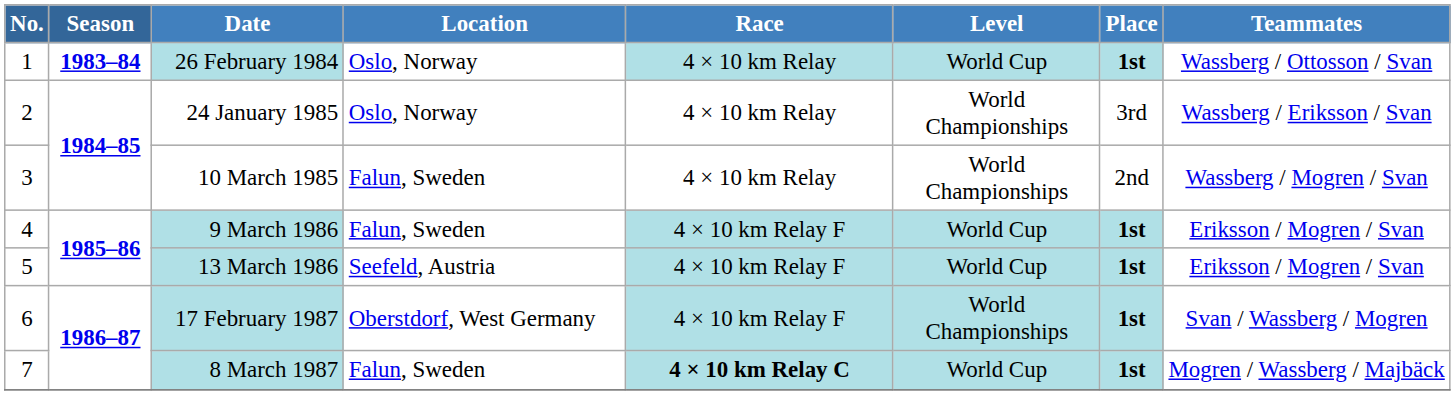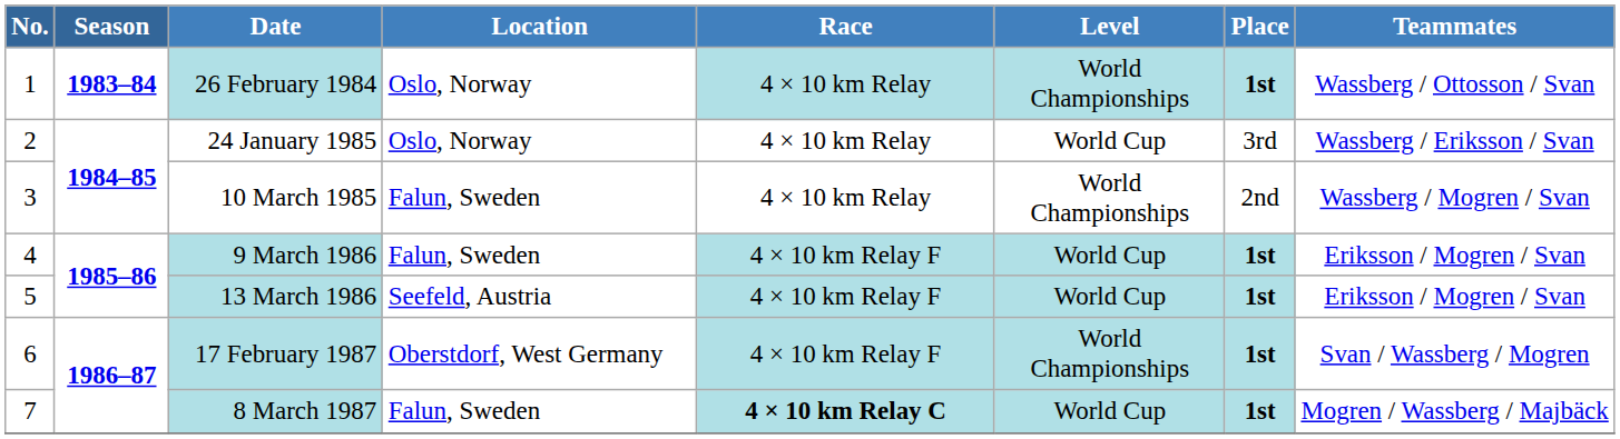 <table class="wikitable sortable" style="font-size:95%; text-align:center; border:grey solid 1px; border-collapse:collapse; background:#ffffff;">
 <tr style="background:#efefef;">
 <th style="background-color:#369; color:white;">No.</th>
 <th style="background-color:#369; color:white;">Season</th>
 <th style="background-color:#4180be; color:white; width:120px;">Date</th>
 <th style="background-color:#4180be; color:white; width:180px;">Location</th>
 <th style="background-color:#4180be; color:white; width:170px;">Race</th>
 <th style="background-color:#4180be; color:white; width:130px;">Level</th>
 <th style="background-color:#4180be; color:white;">Place</th>
 <th style="background-color:#4180be; color:white;">Teammates</th>
 </tr>
 <tr>
 <td align=center>1</td>
 <td rowspan=1 align=center><strong><a href='#'>1983–84</a></strong></td>
 <td bgcolor="#BOEOE6" align=right>26 February 1984</td>
 <td align=left> <a href='#'>Oslo</a>, Norway</td>
 <td bgcolor="#BOEOE6">4 × 10 km Relay</td>
-<td bgcolor="#BOEOE6">World Cup</td>
+<td bgcolor="#BOEOE6">World Championships</td>
 <td bgcolor="#BOEOE6"><strong>1st</strong></td>
 <td><a href='#'>Wassberg</a> / <a href='#'>Ottosson</a> / <a href='#'>Svan</a></td>
 </tr>
 <tr>
 <td align=center>2</td>
 <td rowspan=2 align=center><strong> <a href='#'>1984–85</a> </strong></td>
 <td align=right>24 January 1985</td>
 <td align=left> <a href='#'>Oslo</a>, Norway</td>
 <td>4 × 10 km Relay</td>
-<td>World Championships</td>
+<td>World Cup</td>
 <td>3rd</td>
 <td><a href='#'>Wassberg</a> / <a href='#'>Eriksson</a> / <a href='#'>Svan</a></td>
 </tr>
 <tr>
 <td align=center>3</td>
 <td align=right>10 March 1985</td>
 <td align=left> <a href='#'>Falun</a>, Sweden</td>
 <td>4 × 10 km  Relay</td>
 <td>World Championships</td>
 <td>2nd</td>
 <td><a href='#'>Wassberg</a> / <a href='#'>Mogren</a> / <a href='#'>Svan</a></td>
 </tr>
 <tr>
 <td align=center>4</td>
 <td rowspan=2 align=center><strong><a href='#'>1985–86</a></strong></td>
 <td bgcolor="#BOEOE6" align=right>9 March 1986</td>
 <td align=left> <a href='#'>Falun</a>, Sweden</td>
 <td bgcolor="#BOEOE6">4 × 10 km Relay F</td>
 <td bgcolor="#BOEOE6">World Cup</td>
 <td bgcolor="#BOEOE6"><strong>1st</strong></td>
 <td><a href='#'>Eriksson</a> / <a href='#'>Mogren</a> / <a href='#'>Svan</a></td>
 </tr>
 <tr>
 <td align=center>5</td>
 <td bgcolor="#BOEOE6" align=right>13 March 1986</td>
 <td align=left> <a href='#'>Seefeld</a>, Austria</td>
 <td bgcolor="#BOEOE6">4 × 10 km Relay F</td>
 <td bgcolor="#BOEOE6">World Cup</td>
 <td bgcolor="#BOEOE6"><strong>1st</strong></td>
 <td><a href='#'>Eriksson</a> / <a href='#'>Mogren</a> / <a href='#'>Svan</a></td>
 </tr>
 <tr>
 <td align=center>6</td>
 <td rowspan=2 align=center><strong><a href='#'>1986–87</a></strong></td>
 <td bgcolor="#BOEOE6" align=right>17 February 1987</td>
 <td align=left> <a href='#'>Oberstdorf</a>, West Germany</td>
 <td bgcolor="#BOEOE6">4 × 10 km Relay F</td>
 <td bgcolor="#BOEOE6">World Championships</td>
 <td bgcolor="#BOEOE6"><strong>1st</strong></td>
 <td><a href='#'>Svan</a> / <a href='#'>Wassberg</a> / <a href='#'>Mogren</a></td>
 </tr>
 <tr>
 <td align=center>7</td>
 <td bgcolor="#BOEOE6" align=right>8 March 1987</td>
 <td align=left> <a href='#'>Falun</a>, Sweden</td>
 <td bgcolor="#BOEOE6"><strong>4 × 10 km Relay C</strong></td>
 <td bgcolor="#BOEOE6">World Cup</td>
 <td bgcolor="#BOEOE6"><strong>1st</strong></td>
 <td><a href='#'>Mogren</a> / <a href='#'>Wassberg</a> / <a href='#'>Majbäck</a></td>
 </tr>
 <tr>
 </tr>
 </table>
